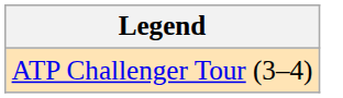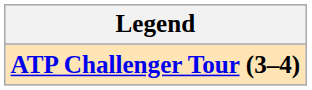 <table class="wikitable">
 <tr>
 <th>Legend</th>
 </tr>
 <tr style="background:moccasin">
-<td><a href='#'>ATP Challenger Tour</a> (3–4)</td>
+<td><strong><a href='#'>ATP Challenger Tour</a> (3–4)</strong></td>
 </tr>
 </table>
